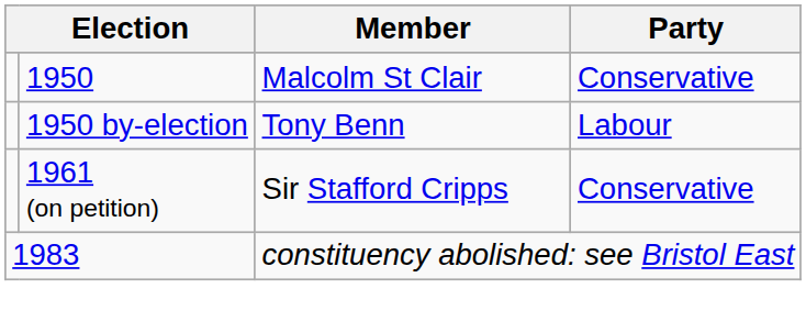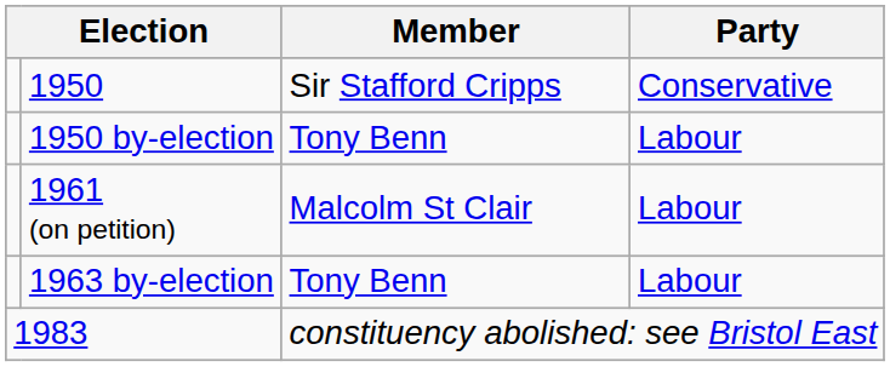 <table class="wikitable">
 <tr>
 <th colspan="2">Election</th>
 <th>Member</th>
 <th>Party</th>
 </tr>
 <tr>
 <td style="color:inherit;background-color: "></td>
 <td><a href='#'>1950</a></td>
-<td><a href='#'>Malcolm St Clair</a></td>
+<td>Sir <a href='#'>Stafford Cripps</a></td>
 <td><a href='#'>Conservative</a></td>
 </tr>
 <tr>
 <td style="color:inherit;background-color: "></td>
 <td><a href='#'>1950 by-election</a></td>
 <td><a href='#'>Tony Benn</a></td>
 <td><a href='#'>Labour</a></td>
 </tr>
 <tr>
 <td style="color:inherit;background-color: "></td>
 <td><a href='#'>1961</a><br><small>(on petition)</small></td>
-<td>Sir <a href='#'>Stafford Cripps</a></td>
-<td><a href='#'>Conservative</a></td>
+<td><a href='#'>Malcolm St Clair</a></td>
+<td><a href='#'>Labour</a></td>
+</tr>
+<tr>
+<td style="color:inherit;background-color: "></td>
+<td><a href='#'>1963 by-election</a></td>
+<td><a href='#'>Tony Benn</a></td>
+<td><a href='#'>Labour</a></td>
 </tr>
 <tr>
 <td colspan="2" align="left"><a href='#'>1983</a></td>
 <td colspan="2"><em>constituency abolished: see <a href='#'>Bristol East</a></em></td>
 </tr>
 </table>
